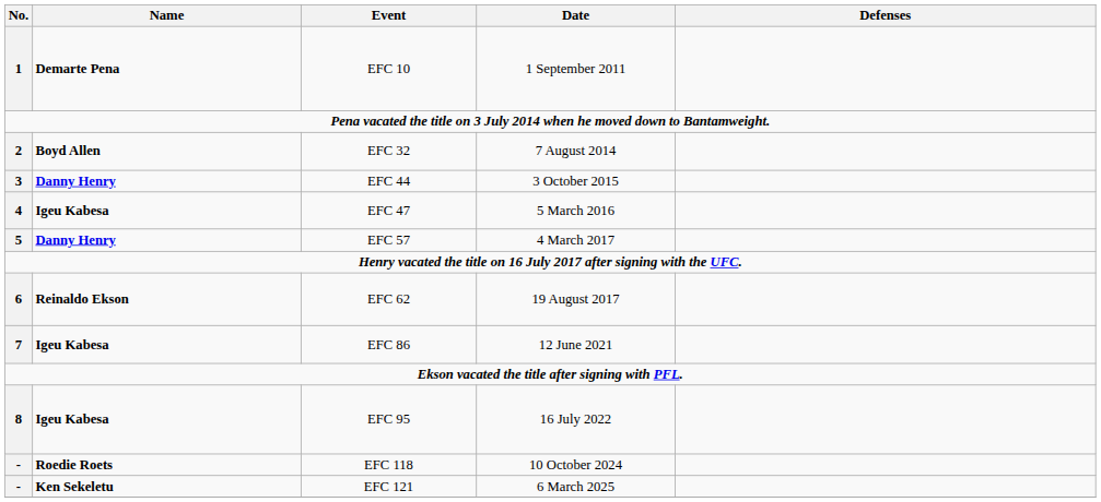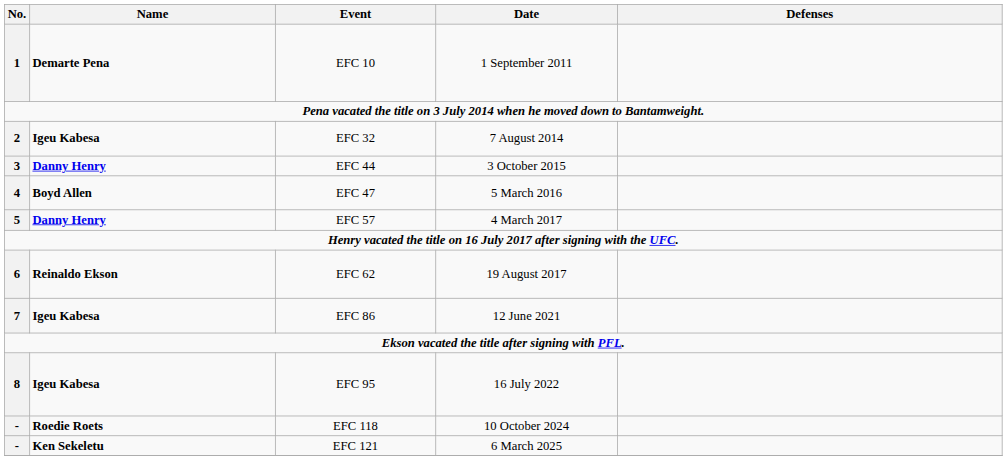 <table class="wikitable" width=100%>
 <tr>
 <th width=1%>No.</th>
 <th width=23%>Name</th>
 <th width=15%>Event</th>
 <th width=17%>Date</th>
 <th width=36%>Defenses</th>
 </tr>
 <tr>
 <th>1</th>
 <td align=left> <strong>Demarte Pena</strong><br></td>
 <td align=center>EFC 10<br></td>
 <td align=center>1 September 2011</td>
 <td><br><br> <br> <br> <br> </td>
 </tr>
 <tr>
 <td align="center" colspan="6"><strong><em>Pena vacated the title on 3 July 2014 when he moved down to Bantamweight.</em></strong></td>
 </tr>
 <tr>
 <th>2</th>
-<td align=left> <strong>Boyd Allen</strong><br></td>
+<td align=left> <strong>Igeu Kabesa </strong></td>
 <td align=center>EFC 32<br></td>
 <td align=center>7 August 2014</td>
 <td><br><br> </td>
 </tr>
 <tr>
 <th>3</th>
 <td align=left> <strong><a href='#'>Danny Henry</a></strong></td>
 <td align=center>EFC 44<br></td>
 <td align=center>3 October 2015</td>
 <td></td>
 </tr>
 <tr>
 <th>4</th>
-<td align=left> <strong>Igeu Kabesa </strong></td>
+<td align=left> <strong>Boyd Allen</strong><br></td>
 <td align=center>EFC 47<br></td>
 <td align=center>5 March 2016</td>
 <td><br><br></td>
 </tr>
 <tr>
 <th>5</th>
 <td align=left> <strong><a href='#'>Danny Henry</a></strong> </td>
 <td align=center>EFC 57<br></td>
 <td align=center>4 March 2017</td>
 <td></td>
 </tr>
 <tr>
 <td align="center" colspan="6"><strong><em>Henry vacated the title on 16 July 2017 after signing with the <a href='#'>UFC</a>.</em></strong></td>
 </tr>
 <tr>
 <th>6</th>
 <td align=left> <strong>Reinaldo Ekson</strong></td>
 <td align=center>EFC 62<br></td>
 <td align=center>19 August 2017</td>
 <td><br><br> <br></td>
 </tr>
 <tr>
 <th>7</th>
 <td align=left> <strong>Igeu Kabesa</strong>  <br></td>
 <td align=center>EFC 86<br></td>
 <td align=center>12 June 2021</td>
 <td><br><br></td>
 </tr>
 <tr>
 <td align="center" colspan="5"><strong><em>Ekson vacated the title after signing with <a href='#'>PFL</a>.</em></strong></td>
 </tr>
 <tr>
 <th>8</th>
 <td align=left> <strong>Igeu Kabesa</strong>  <br></td>
 <td align=center>EFC 95<br></td>
 <td align=center>16 July 2022</td>
 <td><br><br> <br> <br></td>
 </tr>
 <tr>
 <th>-</th>
 <td align=left> <strong>Roedie Roets</strong><br></td>
 <td align=center>EFC 118<br></td>
 <td align=center>10 October 2024</td>
 <td></td>
 </tr>
 <tr>
 <th>-</th>
 <td align=left> <strong>Ken Sekeletu</strong><br></td>
 <td align=center>EFC 121<br></td>
 <td align=center>6 March 2025</td>
 <td></td>
 </tr>
 <tr>
 </tr>
 </table>
